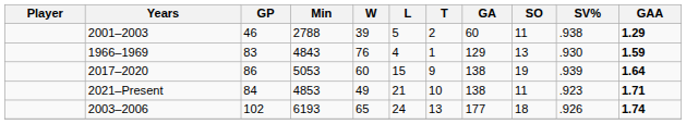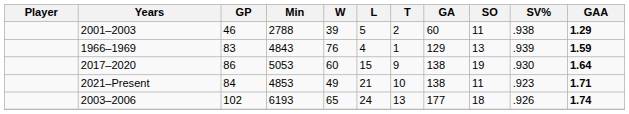 <table class="wikitable sortable" width = 900>
 <tr>
 <th>Player</th>
 <th>Years</th>
 <th>GP</th>
 <th>Min</th>
 <th>W</th>
 <th>L</th>
 <th>T</th>
 <th>GA</th>
 <th>SO</th>
 <th>SV%</th>
 <th>GAA</th>
 </tr>
 <tr>
 <td></td>
 <td>2001–2003</td>
 <td>46</td>
 <td>2788</td>
 <td>39</td>
 <td>5</td>
 <td>2</td>
 <td>60</td>
 <td>11</td>
 <td>.938</td>
 <td><strong>1.29</strong></td>
 </tr>
 <tr>
 <td></td>
 <td>1966–1969</td>
 <td>83</td>
 <td>4843</td>
 <td>76</td>
 <td>4</td>
 <td>1</td>
 <td>129</td>
 <td>13</td>
-<td>.930</td>
+<td>.939</td>
 <td><strong>1.59</strong></td>
 </tr>
 <tr>
 <td></td>
 <td>2017–2020</td>
 <td>86</td>
 <td>5053</td>
 <td>60</td>
 <td>15</td>
 <td>9</td>
 <td>138</td>
 <td>19</td>
-<td>.939</td>
+<td>.930</td>
 <td><strong>1.64</strong></td>
 </tr>
 <tr>
 <td></td>
 <td>2021–Present</td>
 <td>84</td>
 <td>4853</td>
 <td>49</td>
 <td>21</td>
 <td>10</td>
 <td>138</td>
 <td>11</td>
 <td>.923</td>
 <td><strong>1.71</strong></td>
 </tr>
 <tr>
 <td></td>
 <td>2003–2006</td>
 <td>102</td>
 <td>6193</td>
 <td>65</td>
 <td>24</td>
 <td>13</td>
 <td>177</td>
 <td>18</td>
 <td>.926</td>
 <td><strong>1.74</strong></td>
 </tr>
 <tr>
 </tr>
 </table>
